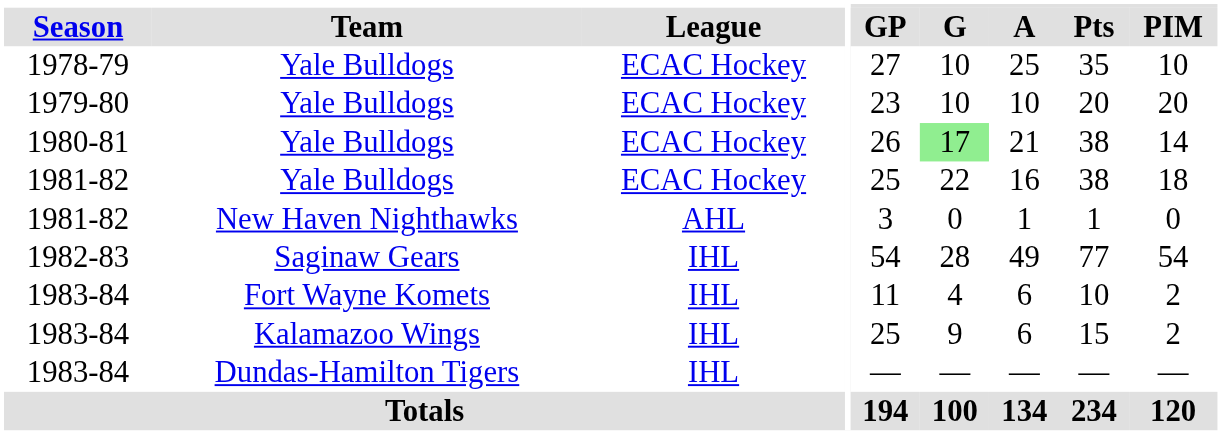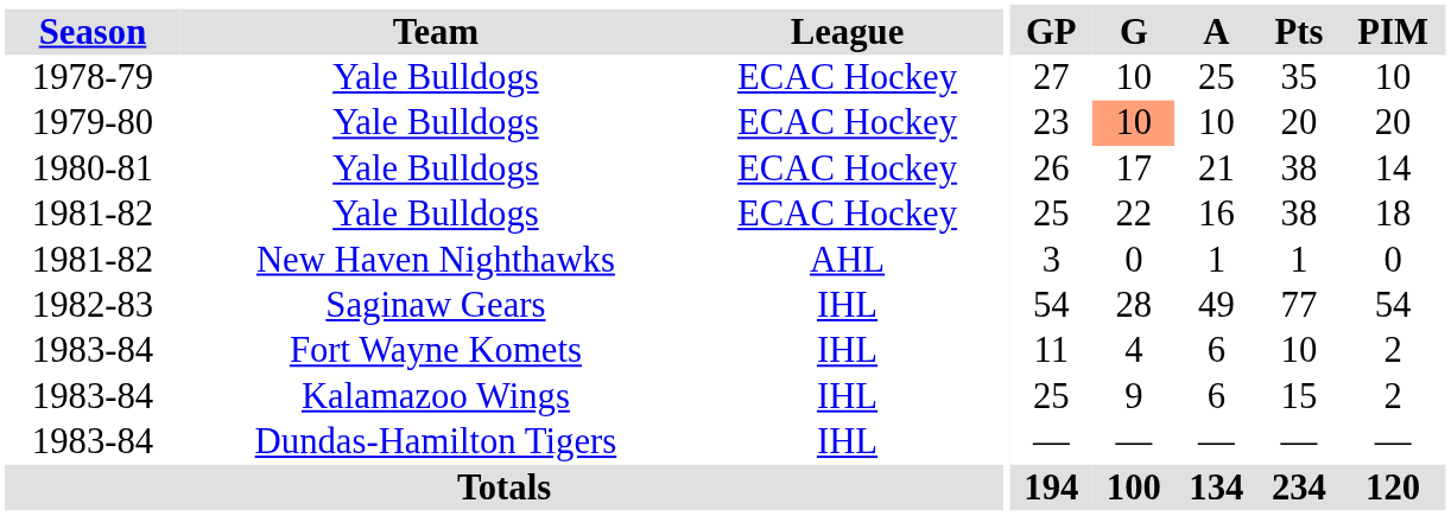 <table border="0" cellpadding="1" cellspacing="0" style="text-align:center; width:50%">
 <tr bgcolor="#e0e0e0">
 <th colspan="3" bgcolor="#ffffff"></th>
 <th rowspan="111" bgcolor="#ffffff"></th>
 <th colspan="5"></th>
 </tr>
 <tr bgcolor="#e0e0e0">
 <th><a href='#'>Season</a></th>
 <th>Team</th>
 <th>League</th>
 <th>GP</th>
 <th>G</th>
 <th>A</th>
 <th>Pts</th>
 <th>PIM</th>
 </tr>
 <tr align="center">
 <td>1978-79</td>
 <td><a href='#'>Yale Bulldogs</a></td>
 <td><a href='#'>ECAC Hockey</a></td>
 <td>27</td>
 <td>10</td>
 <td>25</td>
 <td>35</td>
 <td>10</td>
 </tr>
 <tr>
 <td>1979-80</td>
 <td><a href='#'>Yale Bulldogs</a></td>
 <td><a href='#'>ECAC Hockey</a></td>
 <td>23</td>
-<td>10</td>
+<td style="background: lightsalmon;">10</td>
 <td>10</td>
 <td>20</td>
 <td>20</td>
 </tr>
 <tr>
 <td>1980-81</td>
 <td><a href='#'>Yale Bulldogs</a></td>
 <td><a href='#'>ECAC Hockey</a></td>
 <td>26</td>
-<td style="background: lightgreen;">17</td>
+<td>17</td>
 <td>21</td>
 <td>38</td>
 <td>14</td>
 </tr>
 <tr>
 <td>1981-82</td>
 <td><a href='#'>Yale Bulldogs</a></td>
 <td><a href='#'>ECAC Hockey</a></td>
 <td>25</td>
 <td>22</td>
 <td>16</td>
 <td>38</td>
 <td>18</td>
 </tr>
 <tr>
 <td>1981-82</td>
 <td><a href='#'>New Haven Nighthawks</a></td>
 <td><a href='#'>AHL</a></td>
 <td>3</td>
 <td>0</td>
 <td>1</td>
 <td>1</td>
 <td>0</td>
 </tr>
 <tr>
 <td>1982-83</td>
 <td><a href='#'>Saginaw Gears</a></td>
 <td><a href='#'>IHL</a></td>
 <td>54</td>
 <td>28</td>
 <td>49</td>
 <td>77</td>
 <td>54</td>
 </tr>
 <tr>
 <td>1983-84</td>
 <td><a href='#'>Fort Wayne Komets</a></td>
 <td><a href='#'>IHL</a></td>
 <td>11</td>
 <td>4</td>
 <td>6</td>
 <td>10</td>
 <td>2</td>
 </tr>
 <tr>
 <td>1983-84</td>
 <td><a href='#'>Kalamazoo Wings</a></td>
 <td><a href='#'>IHL</a></td>
 <td>25</td>
 <td>9</td>
 <td>6</td>
 <td>15</td>
 <td>2</td>
 </tr>
 <tr>
 <td>1983-84</td>
 <td><a href='#'>Dundas-Hamilton Tigers</a></td>
 <td><a href='#'>IHL</a></td>
 <td>—</td>
 <td>—</td>
 <td>—</td>
 <td>—</td>
 <td>—</td>
 </tr>
 <tr ALIGN="center">
 </tr>
 <tr bgcolor="#e0e0e0">
 <th colspan="3">Totals</th>
 <th>194</th>
 <th>100</th>
 <th>134</th>
 <th>234</th>
 <th>120</th>
 </tr>
 </table>
